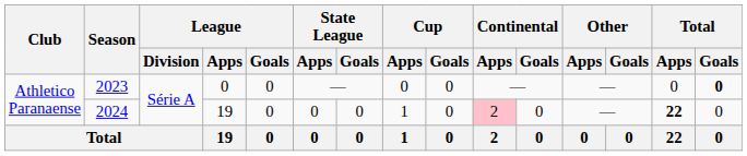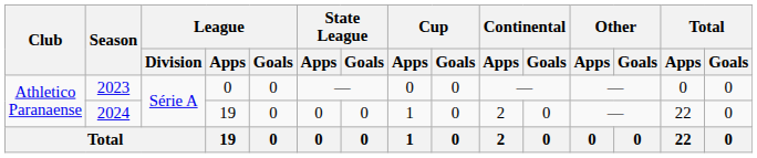 <table class="wikitable" style="text-align: center;">
 <tr>
 <th rowspan="2">Club</th>
 <th rowspan="2">Season</th>
 <th colspan="3">League</th>
 <th colspan="2">State League</th>
 <th colspan="2">Cup</th>
 <th colspan="2">Continental</th>
 <th colspan="2">Other</th>
 <th colspan="2">Total</th>
 </tr>
 <tr>
 <th>Division</th>
 <th>Apps</th>
 <th>Goals</th>
 <th>Apps</th>
 <th>Goals</th>
 <th>Apps</th>
 <th>Goals</th>
 <th>Apps</th>
 <th>Goals</th>
 <th>Apps</th>
 <th>Goals</th>
 <th>Apps</th>
 <th>Goals</th>
 </tr>
 <tr>
 <td rowspan="2" valign="center"><a href='#'>Athletico Paranaense</a></td>
 <td><a href='#'>2023</a></td>
 <td rowspan="2"><a href='#'>Série A</a></td>
 <td>0</td>
 <td>0</td>
 <td colspan="2">—</td>
 <td>0</td>
 <td>0</td>
 <td colspan="2">—</td>
 <td colspan="2">—</td>
 <td>0</td>
-<td><strong>0</strong></td>
+<td>0</td>
 </tr>
 <tr>
 <td><a href='#'>2024</a></td>
 <td>19</td>
 <td>0</td>
 <td>0</td>
 <td>0</td>
 <td>1</td>
 <td>0</td>
-<td style="background: pink;">2</td>
+<td>2</td>
 <td>0</td>
 <td colspan="2">—</td>
-<td><strong>22</strong></td>
+<td>22</td>
 <td>0</td>
 </tr>
 <tr>
 <th colspan="3"><strong>Total</strong></th>
 <th>19</th>
 <th>0</th>
 <th>0</th>
 <th>0</th>
 <th>1</th>
 <th>0</th>
 <th>2</th>
 <th>0</th>
 <th>0</th>
 <th>0</th>
 <th>22</th>
 <th>0</th>
 </tr>
 </table>
